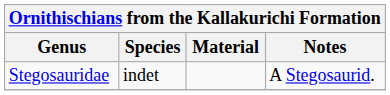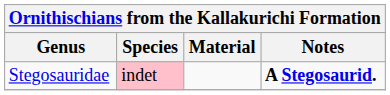 <table class="wikitable" align="center">
 <tr>
 <th colspan="6" align="center"><strong><a href='#'>Ornithischians</a> from the Kallakurichi Formation</strong></th>
 </tr>
 <tr>
 <th>Genus</th>
 <th>Species</th>
 <th>Material</th>
 <th>Notes</th>
 </tr>
 <tr>
 <td><a href='#'>Stegosauridae</a></td>
-<td>indet</td>
+<td style="background: pink;">indet</td>
 <td></td>
-<td>A <a href='#'>Stegosaurid</a>.</td>
+<td><strong>A <a href='#'>Stegosaurid</a>.</strong></td>
 </tr>
 <tr>
 </tr>
 </table>
